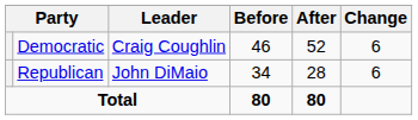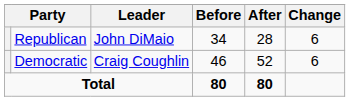 <table class="wikitable" style="text-align:center;">
 <tr>
 </tr>
 <tr>
 <th colspan=2>Party</th>
 <th>Leader</th>
 <th>Before</th>
 <th>After</th>
 <th>Change</th>
 </tr>
 <tr>
 <th style="background-color:"></th>
+<td style="text-align:left;"><a href='#'>Republican</a></td>
+<td style="text-align:left;"><a href='#'>John DiMaio</a></td>
+<td>34</td>
+<td>28</td>
+<td> 6</td>
+</tr>
+<tr>
+<th style="background-color:"></th>
 <td style="text-align:left;"><a href='#'>Democratic</a></td>
 <td style="text-align:left;"><a href='#'>Craig Coughlin</a></td>
 <td>46</td>
 <td>52</td>
-<td> 6</td>
-</tr>
-<tr>
-<th style="background-color:"></th>
-<td style="text-align:left;"><a href='#'>Republican</a></td>
-<td style="text-align:left;"><a href='#'>John DiMaio</a></td>
-<td>34</td>
-<td>28</td>
 <td> 6</td>
 </tr>
 <tr>
 <td colspan=3><strong>Total</strong></td>
 <td><strong>80</strong></td>
 <td><strong>80</strong></td>
 </tr>
 </table>
